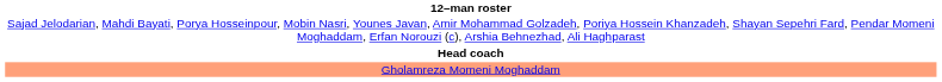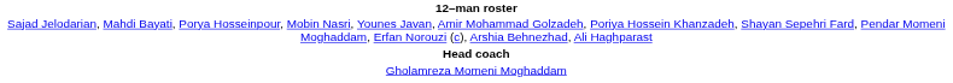 <table style="text-align:center; margin-top:2em; margin-left:auto; margin-right:auto">
 <tr>
 <td><strong>12–man roster</strong></td>
 </tr>
 <tr>
 <td><a href='#'>Sajad Jelodarian</a>, <a href='#'>Mahdi Bayati</a>, <a href='#'>Porya Hosseinpour</a>, <a href='#'>Mobin Nasri</a>, <a href='#'>Younes Javan</a>, <a href='#'>Amir Mohammad Golzadeh</a>, <a href='#'>Poriya Hossein Khanzadeh</a>, <a href='#'>Shayan Sepehri Fard</a>, <a href='#'>Pendar Momeni Moghaddam</a>, <a href='#'>Erfan Norouzi</a> (<a href='#'>c</a>), <a href='#'>Arshia Behnezhad</a>, <a href='#'>Ali Haghparast</a></td>
 </tr>
 <tr>
 <td><strong>Head coach</strong></td>
 </tr>
 <tr>
-<td style="background: lightsalmon;"><a href='#'>Gholamreza Momeni Moghaddam</a></td>
+<td><a href='#'>Gholamreza Momeni Moghaddam</a></td>
 </tr>
 </table>
